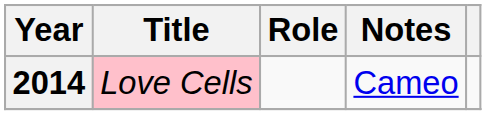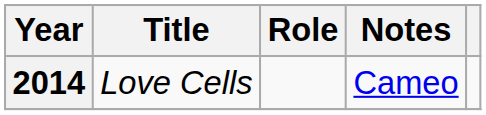 <table class="wikitable plainrowheaders sortable">
 <tr>
 <th scope="col">Year</th>
 <th scope="col">Title</th>
 <th scope="col">Role</th>
 <th scope="col" class="unsortable">Notes</th>
 <th scope="col" class="unsortable"></th>
 </tr>
 <tr>
 <th scope="row">2014</th>
-<td style="background: pink;"><em>Love Cells</em></td>
+<td><em>Love Cells</em></td>
 <td></td>
 <td><a href='#'>Cameo</a></td>
 <td style="text-align:center"></td>
 </tr>
 <tr>
 </tr>
 </table>
